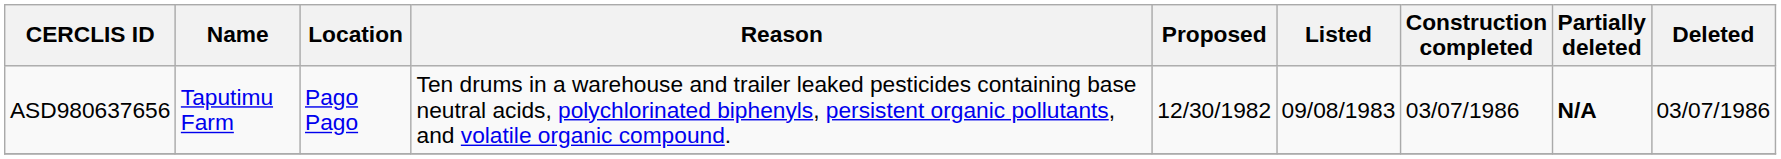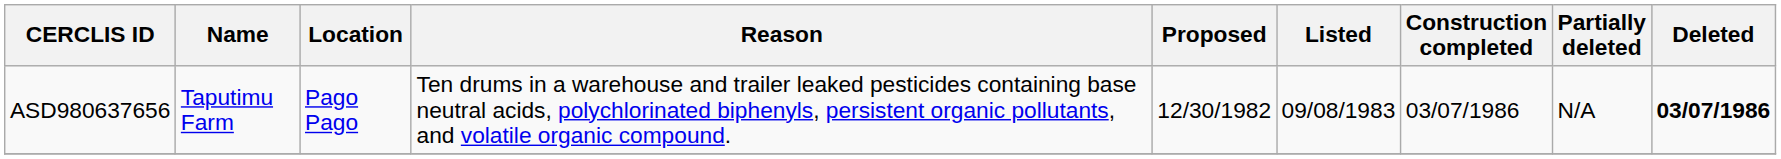 <table class="wikitable sortable">
 <tr>
 <th>CERCLIS ID</th>
 <th>Name</th>
 <th>Location</th>
 <th>Reason</th>
 <th>Proposed</th>
 <th>Listed</th>
 <th>Construction<br>completed</th>
 <th>Partially<br>deleted</th>
 <th>Deleted</th>
 </tr>
 <tr>
 <td>ASD980637656</td>
 <td><a href='#'>Taputimu Farm</a></td>
 <td><a href='#'>Pago Pago</a></td>
 <td>Ten drums in a warehouse and trailer leaked pesticides containing base neutral acids, <a href='#'>polychlorinated biphenyls</a>, <a href='#'>persistent organic pollutants</a>, and <a href='#'>volatile organic compound</a>.</td>
 <td>12/30/1982</td>
 <td>09/08/1983</td>
 <td>03/07/1986</td>
-<td><strong>N/A</strong></td>
-<td>03/07/1986</td>
+<td>N/A</td>
+<td><strong>03/07/1986</strong></td>
 </tr>
 <tr>
 </tr>
 </table>
